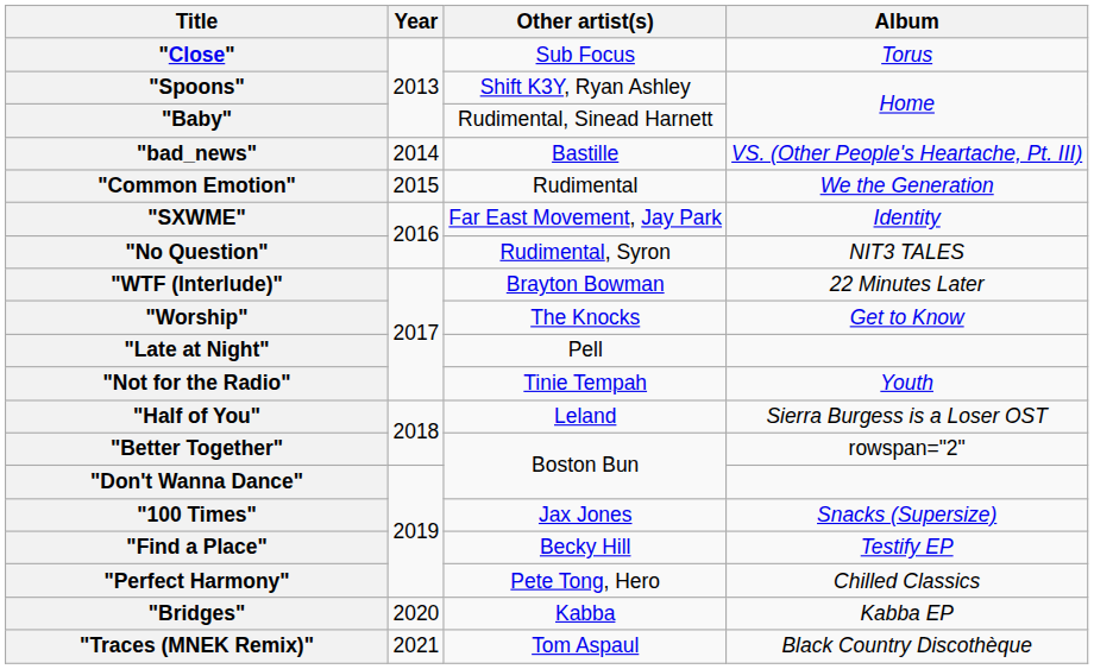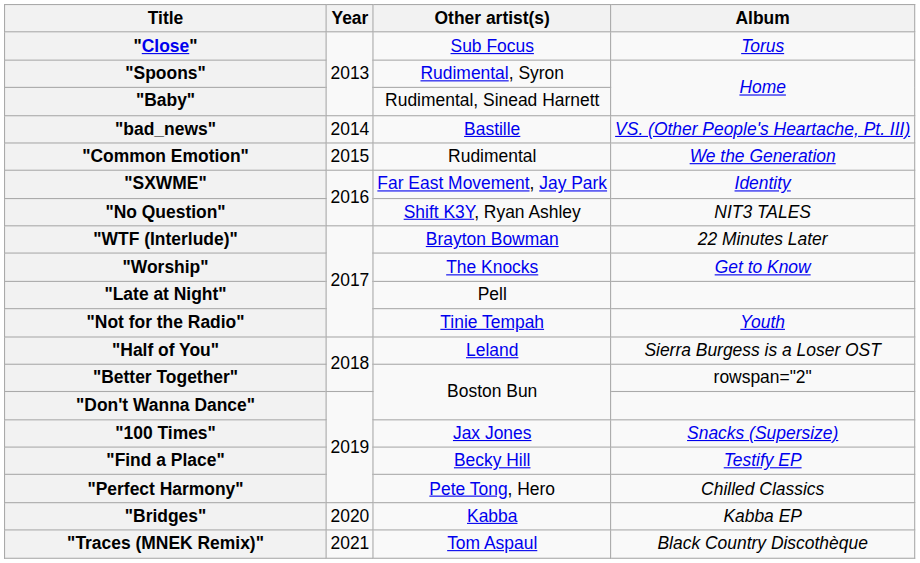 <table class="wikitable plainrowheaders" style="text-align:center;">
 <tr>
 <th scope="col" style="width:18em;">Title</th>
 <th scope="col" style="width:1em;">Year</th>
 <th scope="col">Other artist(s)</th>
 <th scope="col">Album</th>
 </tr>
 <tr>
 <th scope="row">"<a href='#'>Close</a>"</th>
 <td rowspan="3">2013</td>
 <td><a href='#'>Sub Focus</a></td>
 <td><em><a href='#'>Torus</a></em></td>
 </tr>
 <tr>
 <th scope="row">"Spoons"</th>
-<td><a href='#'>Shift K3Y</a>, Ryan Ashley</td>
+<td><a href='#'>Rudimental</a>, Syron</td>
 <td rowspan="2"><em><a href='#'>Home</a></em></td>
 </tr>
 <tr>
 <th scope="row">"Baby"</th>
 <td>Rudimental, Sinead Harnett</td>
 </tr>
 <tr>
 <th scope="row">"bad_news"</th>
 <td>2014</td>
 <td><a href='#'>Bastille</a></td>
 <td><em><a href='#'>VS. (Other People's Heartache, Pt. III)</a></em></td>
 </tr>
 <tr>
 <th scope="row">"Common Emotion"</th>
 <td>2015</td>
 <td>Rudimental</td>
 <td><em><a href='#'>We the Generation</a></em></td>
 </tr>
 <tr>
 <th scope="row">"SXWME"</th>
 <td rowspan="2">2016</td>
 <td><a href='#'>Far East Movement</a>, <a href='#'>Jay Park</a></td>
 <td><em><a href='#'>Identity</a></em></td>
 </tr>
 <tr>
 <th scope="row">"No Question"</th>
-<td><a href='#'>Rudimental</a>, Syron</td>
+<td><a href='#'>Shift K3Y</a>, Ryan Ashley</td>
 <td><em>NIT3 TALES</em></td>
 </tr>
 <tr>
 <th scope="row">"WTF (Interlude)"</th>
 <td rowspan="4">2017</td>
 <td><a href='#'>Brayton Bowman</a></td>
 <td><em>22 Minutes Later</em></td>
 </tr>
 <tr>
 <th scope="row">"Worship"</th>
 <td><a href='#'>The Knocks</a></td>
 <td><em><a href='#'>Get to Know</a></em></td>
 </tr>
 <tr>
 <th scope="row">"Late at Night"</th>
 <td>Pell</td>
 <td></td>
 </tr>
 <tr>
 <th scope="row">"Not for the Radio"</th>
 <td><a href='#'>Tinie Tempah</a></td>
 <td><em><a href='#'>Youth</a></em></td>
 </tr>
 <tr>
 <th scope="row">"Half of You"</th>
 <td rowspan="2">2018</td>
 <td><a href='#'>Leland</a></td>
 <td><em>Sierra Burgess is a Loser OST</em></td>
 </tr>
 <tr>
 <th scope="row">"Better Together"</th>
 <td rowspan="2">Boston Bun</td>
 <td>rowspan="2" </td>
 </tr>
 <tr>
 <th scope="row">"Don't Wanna Dance"</th>
 <td rowspan="4">2019</td>
 </tr>
 <tr>
 <th scope="row">"100 Times"</th>
 <td><a href='#'>Jax Jones</a></td>
 <td><em><a href='#'>Snacks (Supersize)</a></em></td>
 </tr>
 <tr>
 <th scope="row">"Find a Place"</th>
 <td><a href='#'>Becky Hill</a></td>
 <td><em><a href='#'>Testify EP</a></em></td>
 </tr>
 <tr>
 <th scope="row">"Perfect Harmony"</th>
 <td><a href='#'>Pete Tong</a>, Hero</td>
 <td><em>Chilled Classics</em></td>
 </tr>
 <tr>
 <th scope="row">"Bridges"</th>
 <td>2020</td>
 <td><a href='#'>Kabba</a></td>
 <td><em>Kabba EP</em></td>
 </tr>
 <tr>
 <th scope="row">"Traces (MNEK Remix)"</th>
 <td>2021</td>
 <td><a href='#'>Tom Aspaul</a></td>
 <td><em>Black Country Discothèque</em></td>
 </tr>
 </table>
